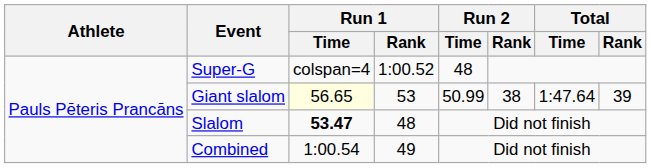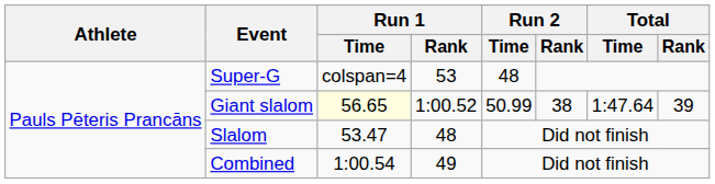 <table class="wikitable" style="font-size:90%">
 <tr>
 <th rowspan=2>Athlete</th>
 <th rowspan=2>Event</th>
 <th colspan=2>Run 1</th>
 <th colspan=2>Run 2</th>
 <th colspan=2>Total</th>
 </tr>
 <tr style="font-size:95%">
 <th>Time</th>
 <th>Rank</th>
 <th>Time</th>
 <th>Rank</th>
 <th>Time</th>
 <th>Rank</th>
 </tr>
 <tr align=center>
 <td align="left" rowspan="4"><a href='#'>Pauls Pēteris Prancāns</a></td>
 <td align="left"><a href='#'>Super-G</a></td>
 <td>colspan=4</td>
-<td>1:00.52</td>
+<td>53</td>
 <td>48</td>
 </tr>
 <tr align=center>
 <td align="left"><a href='#'>Giant slalom</a></td>
 <td style="background: lightyellow;">56.65</td>
-<td>53</td>
+<td>1:00.52</td>
 <td>50.99</td>
 <td>38</td>
 <td>1:47.64</td>
 <td>39</td>
 </tr>
 <tr align=center>
 <td align="left"><a href='#'>Slalom</a></td>
-<td><strong>53.47</strong></td>
+<td>53.47</td>
 <td>48</td>
 <td colspan=4>Did not finish</td>
 </tr>
 <tr align=center>
 <td align="left"><a href='#'>Combined</a></td>
 <td>1:00.54</td>
 <td>49</td>
 <td colspan=4>Did not finish</td>
 </tr>
 </table>
